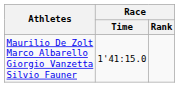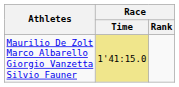 <table class="wikitable" border="1" style="font-size:90%">
 <tr>
 <th rowspan=2>Athletes</th>
 <th colspan=2>Race</th>
 </tr>
 <tr>
 <th>Time</th>
 <th>Rank</th>
 </tr>
 <tr>
 <td><a href='#'>Maurilio De Zolt</a><br><a href='#'>Marco Albarello</a><br><a href='#'>Giorgio Vanzetta</a><br><a href='#'>Silvio Fauner</a></td>
-<td align=center>1'41:15.0</td>
+<td align=center style="background: khaki;">1'41:15.0</td>
 <td align=center></td>
 </tr>
 </table>
